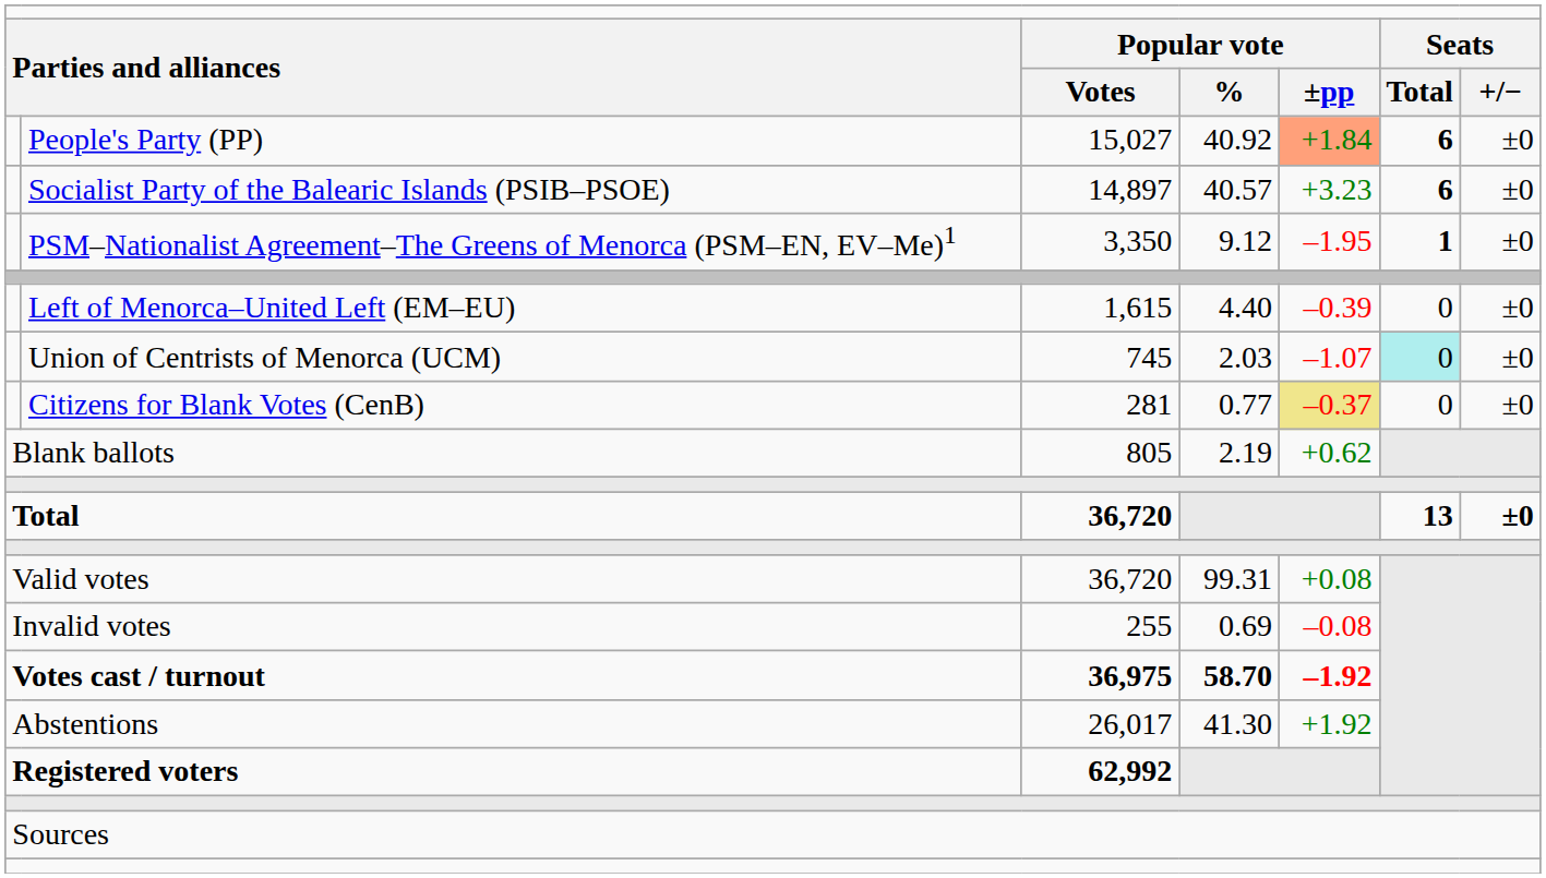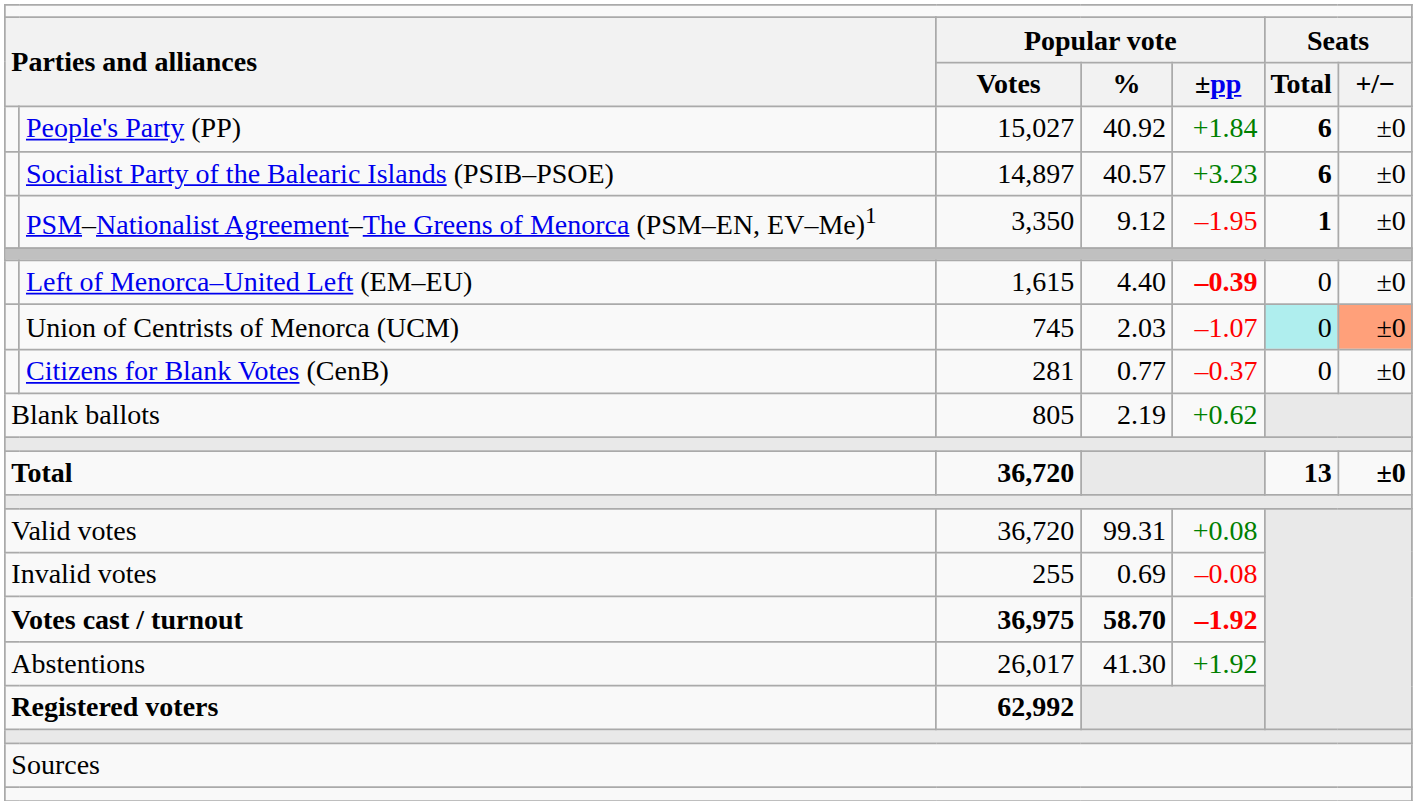 <table class="wikitable" style="text-align:right;">
 <tr>
 <td colspan="7"></td>
 </tr>
 <tr>
 <th style="text-align:left;" rowspan="2" colspan="2" width="525">Parties and alliances</th>
 <th colspan="3">Popular vote</th>
 <th colspan="2">Seats</th>
 </tr>
 <tr>
 <th width="75">Votes</th>
 <th width="45">%</th>
 <th width="45">±<a href='#'>pp</a></th>
 <th width="35">Total</th>
 <th width="35">+/−</th>
 </tr>
 <tr>
 <td width="1" style="color:inherit;background:"></td>
 <td align="left"><a href='#'>People's Party</a> (PP)</td>
 <td>15,027</td>
 <td>40.92</td>
-<td style="background: lightsalmon; color:green;">+1.84</td>
+<td style="color:green;">+1.84</td>
 <td><strong>6</strong></td>
 <td>±0</td>
 </tr>
 <tr>
 <td style="color:inherit;background:"></td>
 <td align="left"><a href='#'>Socialist Party of the Balearic Islands</a> (PSIB–PSOE)</td>
 <td>14,897</td>
 <td>40.57</td>
 <td style="color:green;">+3.23</td>
 <td><strong>6</strong></td>
 <td>±0</td>
 </tr>
 <tr>
 <td style="color:inherit;background:"></td>
 <td align="left"><a href='#'>PSM</a>–<a href='#'>Nationalist Agreement</a>–<a href='#'>The Greens of Menorca</a> (PSM–EN, EV–Me)<sup>1</sup></td>
 <td>3,350</td>
 <td>9.12</td>
 <td style="color:red;">–1.95</td>
 <td><strong>1</strong></td>
 <td>±0</td>
 </tr>
 <tr>
 <td colspan="7" bgcolor="#C0C0C0"></td>
 </tr>
 <tr>
 <td style="color:inherit;background:"></td>
 <td align="left"><a href='#'>Left of Menorca–United Left</a> (EM–EU)</td>
 <td>1,615</td>
 <td>4.40</td>
-<td style="color:red;">–0.39</td>
+<td style="color:red;"><strong>–0.39</strong></td>
 <td>0</td>
 <td>±0</td>
 </tr>
 <tr>
 <td style="color:inherit;background:"></td>
 <td align="left">Union of Centrists of Menorca (UCM)</td>
 <td>745</td>
 <td>2.03</td>
 <td style="color:red;">–1.07</td>
 <td style="background: paleturquoise;">0</td>
-<td>±0</td>
+<td style="background: lightsalmon;">±0</td>
 </tr>
 <tr>
 <td style="color:inherit;background:"></td>
 <td align="left"><a href='#'>Citizens for Blank Votes</a> (CenB)</td>
 <td>281</td>
 <td>0.77</td>
-<td style="background: khaki; color:red;">–0.37</td>
+<td style="color:red;">–0.37</td>
 <td>0</td>
 <td>±0</td>
 </tr>
 <tr>
 <td align="left" colspan="2">Blank ballots</td>
 <td>805</td>
 <td>2.19</td>
 <td style="color:green;">+0.62</td>
 <td bgcolor="#E9E9E9" colspan="2"></td>
 </tr>
 <tr>
 <td colspan="7" bgcolor="#E9E9E9"></td>
 </tr>
 <tr style="font-weight:bold;">
 <td align="left" colspan="2">Total</td>
 <td>36,720</td>
 <td bgcolor="#E9E9E9" colspan="2"></td>
 <td>13</td>
 <td>±0</td>
 </tr>
 <tr>
 <td colspan="7" bgcolor="#E9E9E9"></td>
 </tr>
 <tr>
 <td align="left" colspan="2">Valid votes</td>
 <td>36,720</td>
 <td>99.31</td>
 <td style="color:green;">+0.08</td>
 <td bgcolor="#E9E9E9" colspan="2" rowspan="5"></td>
 </tr>
 <tr>
 <td align="left" colspan="2">Invalid votes</td>
 <td>255</td>
 <td>0.69</td>
 <td style="color:red;">–0.08</td>
 </tr>
 <tr style="font-weight:bold;">
 <td align="left" colspan="2">Votes cast / turnout</td>
 <td>36,975</td>
 <td>58.70</td>
 <td style="color:red;">–1.92</td>
 </tr>
 <tr>
 <td align="left" colspan="2">Abstentions</td>
 <td>26,017</td>
 <td>41.30</td>
 <td style="color:green;">+1.92</td>
 </tr>
 <tr style="font-weight:bold;">
 <td align="left" colspan="2">Registered voters</td>
 <td>62,992</td>
 <td bgcolor="#E9E9E9" colspan="2"></td>
 </tr>
 <tr>
 <td colspan="7" bgcolor="#E9E9E9"></td>
 </tr>
 <tr>
 <td align="left" colspan="7">Sources</td>
 </tr>
 <tr>
 <td colspan="7" style="text-align:left; max-width:790px;"></td>
 </tr>
 </table>
